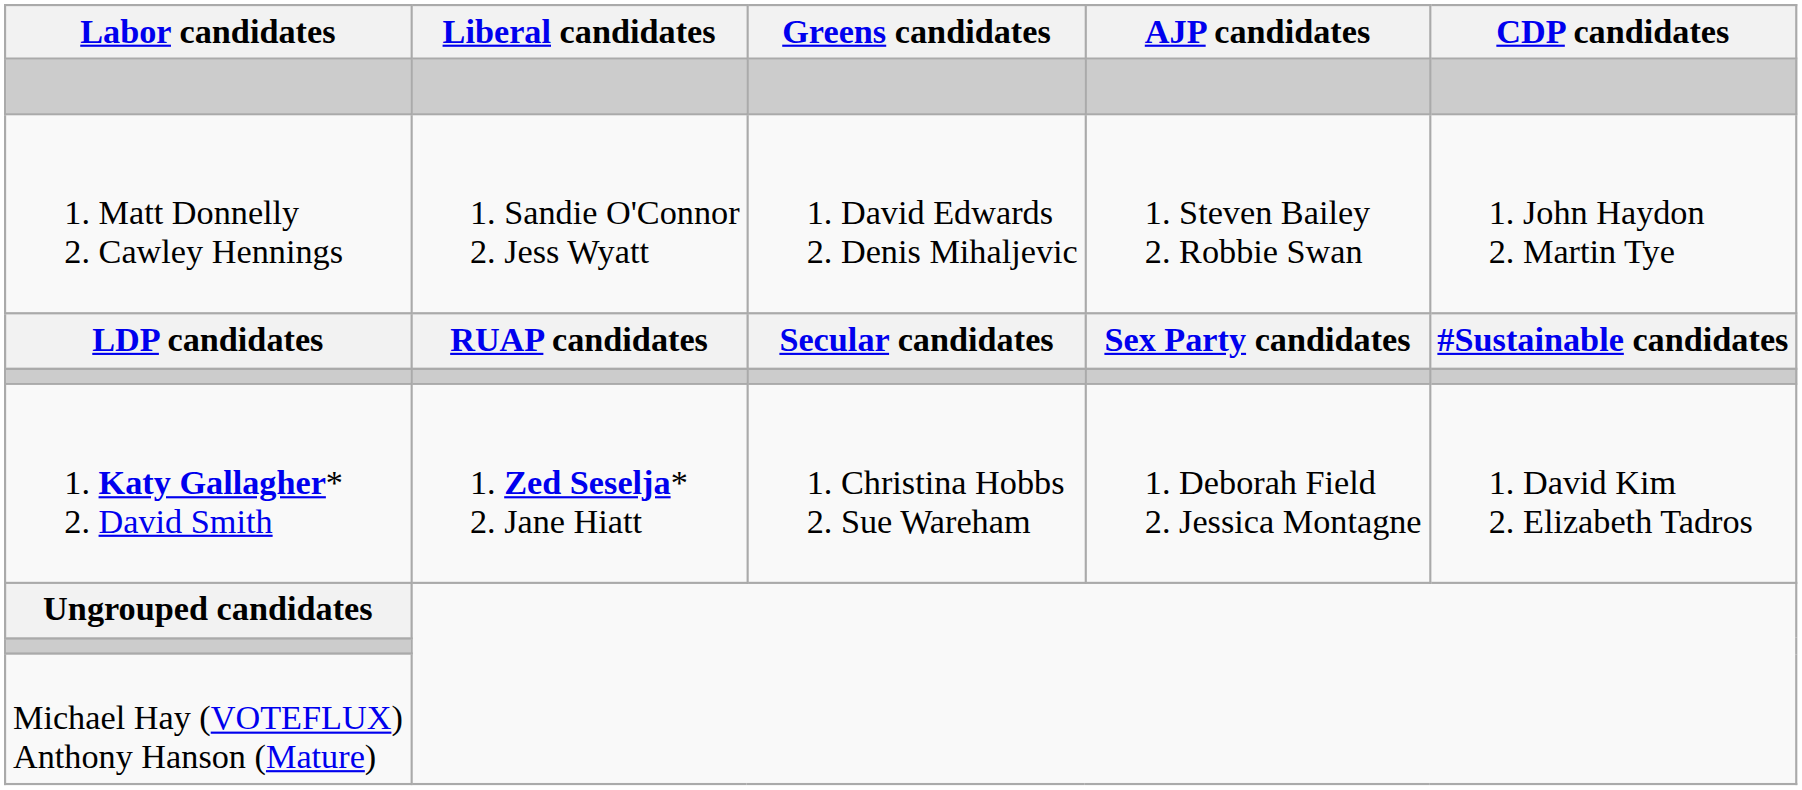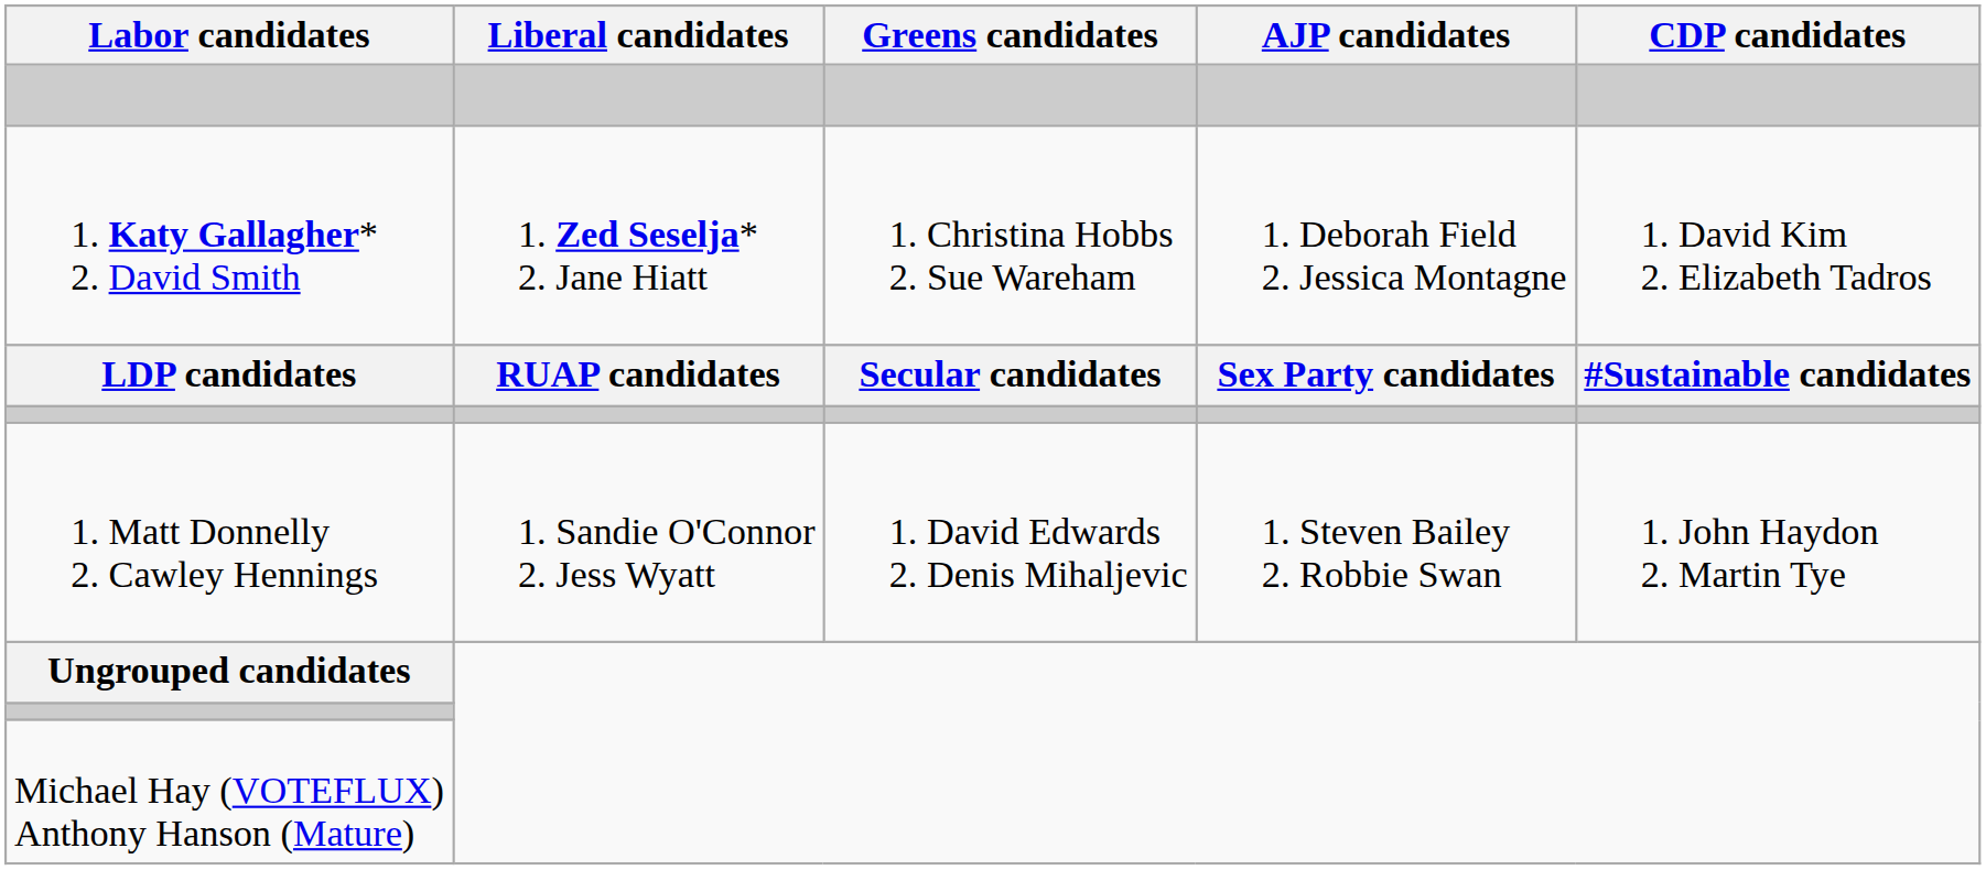 <table class="wikitable">
 <tr>
 <th><a href='#'>Labor</a> candidates</th>
 <th><a href='#'>Liberal</a> candidates</th>
 <th><a href='#'>Greens</a> candidates</th>
 <th><a href='#'>AJP</a> candidates</th>
 <th><a href='#'>CDP</a> candidates</th>
 </tr>
 <tr style="background:#ccc;">
 <td> </td>
 <td> </td>
 <td> </td>
 <td> </td>
 <td> </td>
 </tr>
 <tr>
-<td valign=top><br><ol><li>Matt Donnelly</li><li>Cawley Hennings</li></ol></td>
-<td valign=top><br><ol><li>Sandie O'Connor</li><li>Jess Wyatt</li></ol></td>
-<td valign=top><br><ol><li>David Edwards</li><li>Denis Mihaljevic</li></ol></td>
-<td valign=top><br><ol><li>Steven Bailey</li><li>Robbie Swan</li></ol></td>
-<td valign=top><br><ol><li>John Haydon</li><li>Martin Tye</li></ol></td>
+<td><br><ol><li><strong><a href='#'>Katy Gallagher</a></strong>*</li><li><a href='#'>David Smith</a></li></ol></td>
+<td><br><ol><li><strong><a href='#'>Zed Seselja</a></strong>*</li><li>Jane Hiatt</li></ol></td>
+<td valign=top><br><ol><li>Christina Hobbs</li><li>Sue Wareham</li></ol></td>
+<td valign=top><br><ol><li>Deborah Field</li><li>Jessica Montagne</li></ol></td>
+<td valign=top><br><ol><li>David Kim</li><li>Elizabeth Tadros</li></ol></td>
 </tr>
 <tr style="background:#ccc;">
 <th><a href='#'>LDP</a> candidates</th>
 <th><a href='#'>RUAP</a> candidates</th>
 <th><a href='#'>Secular</a> candidates</th>
 <th><a href='#'>Sex Party</a> candidates</th>
 <th><a href='#'>#Sustainable</a> candidates</th>
 </tr>
 <tr style="background:#ccc;">
 <td></td>
 <td></td>
 <td></td>
 <td></td>
 <td></td>
 </tr>
 <tr>
-<td><br><ol><li><strong><a href='#'>Katy Gallagher</a></strong>*</li><li><a href='#'>David Smith</a></li></ol></td>
-<td><br><ol><li><strong><a href='#'>Zed Seselja</a></strong>*</li><li>Jane Hiatt</li></ol></td>
-<td valign=top><br><ol><li>Christina Hobbs</li><li>Sue Wareham</li></ol></td>
-<td valign=top><br><ol><li>Deborah Field</li><li>Jessica Montagne</li></ol></td>
-<td valign=top><br><ol><li>David Kim</li><li>Elizabeth Tadros</li></ol></td>
+<td valign=top><br><ol><li>Matt Donnelly</li><li>Cawley Hennings</li></ol></td>
+<td valign=top><br><ol><li>Sandie O'Connor</li><li>Jess Wyatt</li></ol></td>
+<td valign=top><br><ol><li>David Edwards</li><li>Denis Mihaljevic</li></ol></td>
+<td valign=top><br><ol><li>Steven Bailey</li><li>Robbie Swan</li></ol></td>
+<td valign=top><br><ol><li>John Haydon</li><li>Martin Tye</li></ol></td>
 </tr>
 <tr style="background:#ccc;">
 <th>Ungrouped candidates</th>
 </tr>
 <tr style="background:#ccc;">
 <td></td>
 </tr>
 <tr>
 <td valign=top><br>Michael Hay (<a href='#'>VOTEFLUX</a>)<br> Anthony Hanson (<a href='#'>Mature</a>)</td>
 </tr>
 </table>
